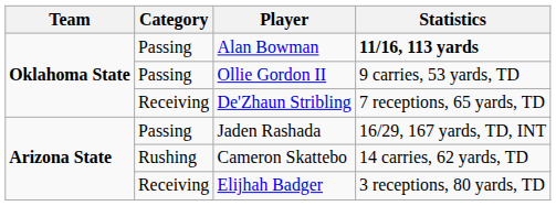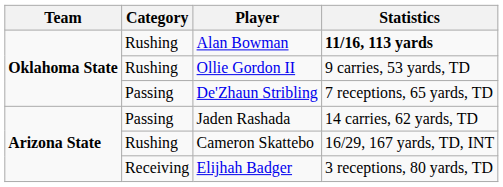 <table class="wikitable" style="float: right;">
 <tr>
 <th>Team</th>
 <th>Category</th>
 <th>Player</th>
 <th>Statistics</th>
 </tr>
 <tr>
 <td rowspan=3><strong>Oklahoma State</strong></td>
-<td>Passing</td>
+<td>Rushing</td>
 <td><a href='#'>Alan Bowman</a></td>
 <td><strong>11/16, 113 yards</strong></td>
 </tr>
 <tr>
-<td>Passing</td>
+<td>Rushing</td>
 <td><a href='#'>Ollie Gordon II</a></td>
 <td>9 carries, 53 yards, TD</td>
 </tr>
 <tr>
-<td>Receiving</td>
+<td>Passing</td>
 <td><a href='#'>De'Zhaun Stribling</a></td>
 <td>7 receptions, 65 yards, TD</td>
 </tr>
 <tr>
 <td rowspan=3><strong>Arizona State</strong></td>
 <td>Passing</td>
 <td>Jaden Rashada</td>
-<td>16/29, 167 yards, TD, INT</td>
+<td>14 carries, 62 yards, TD</td>
 </tr>
 <tr>
 <td>Rushing</td>
 <td>Cameron Skattebo</td>
-<td>14 carries, 62 yards, TD</td>
+<td>16/29, 167 yards, TD, INT</td>
 </tr>
 <tr>
 <td>Receiving</td>
 <td><a href='#'>Elijhah Badger</a></td>
 <td>3 receptions, 80 yards, TD</td>
 </tr>
 </table>
